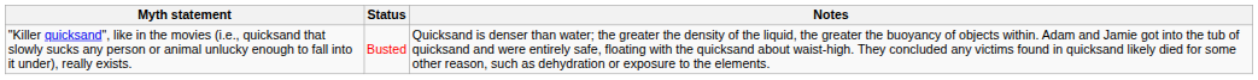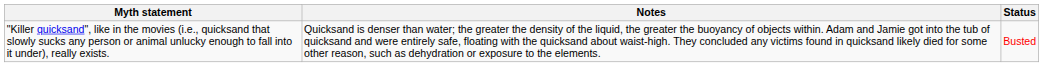 <table class="wikitable plainrowheaders">
 <tr>
 <th>Myth statement</th>
+<th>Notes</th>
 <th>Status</th>
-<th>Notes</th>
 </tr>
 <tr>
 <td>"Killer <a href='#'>quicksand</a>", like in the movies (i.e., quicksand that slowly sucks any person or animal unlucky enough to fall into it under), really exists.</td>
+<td>Quicksand is denser than water; the greater the density of the liquid, the greater the buoyancy of objects within. Adam and Jamie got into the tub of quicksand and were entirely safe, floating with the quicksand about waist-high. They concluded any victims found in quicksand likely died for some other reason, such as dehydration or exposure to the elements.</td>
 <td style="color:red">Busted</td>
-<td>Quicksand is denser than water; the greater the density of the liquid, the greater the buoyancy of objects within. Adam and Jamie got into the tub of quicksand and were entirely safe, floating with the quicksand about waist-high. They concluded any victims found in quicksand likely died for some other reason, such as dehydration or exposure to the elements.</td>
 </tr>
 </table>
